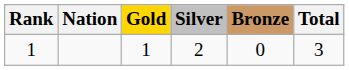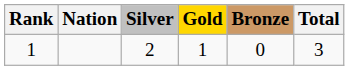 <table class=wikitable>
 <tr>
 <th>Rank</th>
 <th>Nation</th>
+<td align=center bgcolor=silver><strong>Silver</strong></td>
 <td align=center bgcolor=gold><strong>Gold</strong></td>
-<td align=center bgcolor=silver><strong>Silver</strong></td>
 <td align=center bgcolor=cc9966><strong>Bronze</strong></td>
 <th>Total</th>
 </tr>
 <tr align=center>
 <td>1</td>
 <td align=left></td>
+<td>2</td>
 <td>1</td>
-<td>2</td>
 <td>0</td>
 <td>3</td>
 </tr>
 </table>
